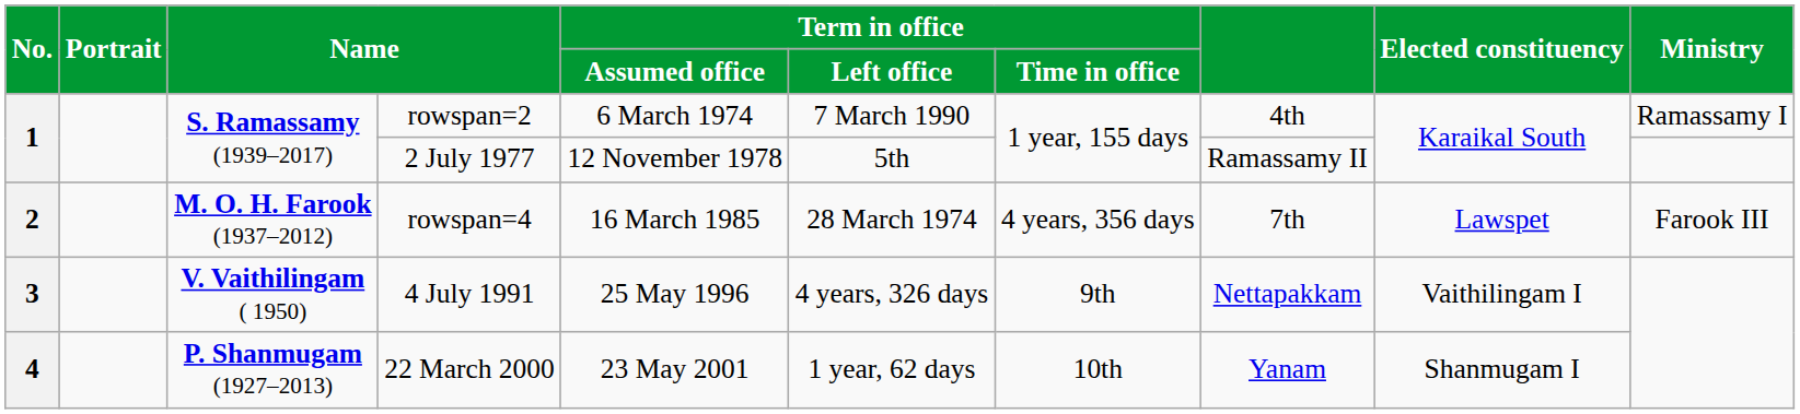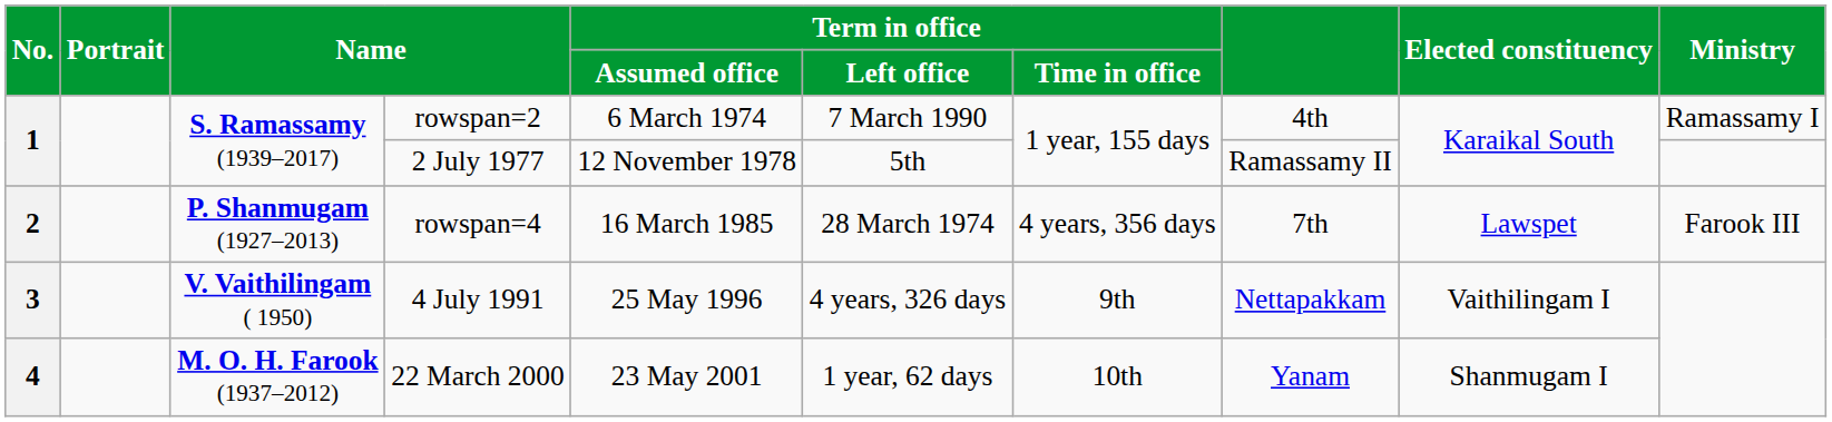 <table class="wikitable sortable" style="text-align:center;">
 <tr>
 <th rowspan=2 style="background-color:#009933;color:white">No.</th>
 <th rowspan=2 style="background-color:#009933;color:white">Portrait</th>
 <th rowspan=2 colspan=2 style="background-color:#009933;color:white">Name<br></th>
 <th colspan=3 style="background-color:#009933;color:white">Term in office</th>
 <th rowspan=2 style="background-color:#009933;color:white"><a href='#'></a><br></th>
 <th rowspan=2 style="background-color:#009933;color:white">Elected constituency</th>
 <th rowspan=2 style="background-color:#009933;color:white">Ministry</th>
 </tr>
 <tr>
 <th style="background-color:#009933;color:white">Assumed office</th>
 <th style="background-color:#009933;color:white">Left office</th>
 <th style="background-color:#009933;color:white">Time in office</th>
 </tr>
 <tr>
 <th rowspan=2>1</th>
 <td rowspan=2></td>
 <td rowspan=2><strong><a href='#'>S. Ramassamy</a></strong><br><small>(1939–2017)</small></td>
 <td>rowspan=2 </td>
 <td>6 March 1974</td>
 <td>7 March 1990</td>
 <td rowspan=2>1 year, 155 days</td>
 <td>4th<br></td>
 <td rowspan=2><a href='#'>Karaikal South</a></td>
 <td>Ramassamy I</td>
 </tr>
 <tr>
 <td>2 July 1977</td>
 <td>12 November 1978</td>
 <td>5th<br></td>
 <td>Ramassamy II</td>
 </tr>
 <tr>
 <th>2</th>
 <td></td>
-<td><strong><a href='#'>M. O. H. Farook</a></strong><br><small>(1937–2012)</small></td>
+<td><strong><a href='#'>P. Shanmugam</a></strong><br><small>(1927–2013)</small></td>
 <td>rowspan=4 </td>
 <td>16 March 1985</td>
 <td>28 March 1974</td>
 <td>4 years, 356 days</td>
 <td>7th<br></td>
 <td><a href='#'>Lawspet</a></td>
 <td>Farook III</td>
 </tr>
 <tr>
 <th>3</th>
 <td></td>
 <td><strong><a href='#'>V. Vaithilingam</a></strong><br><small>( 1950)</small></td>
 <td>4 July 1991</td>
 <td>25 May 1996</td>
 <td>4 years, 326 days</td>
 <td>9th<br></td>
 <td><a href='#'>Nettapakkam</a></td>
 <td>Vaithilingam I</td>
 </tr>
 <tr>
 <th>4</th>
 <td></td>
-<td><strong><a href='#'>P. Shanmugam</a></strong><br><small>(1927–2013)</small></td>
+<td><strong><a href='#'>M. O. H. Farook</a></strong><br><small>(1937–2012)</small></td>
 <td>22 March 2000</td>
 <td>23 May 2001</td>
 <td>1 year, 62 days</td>
 <td>10th<br></td>
 <td><a href='#'>Yanam</a></td>
 <td>Shanmugam I</td>
 </tr>
 </table>
